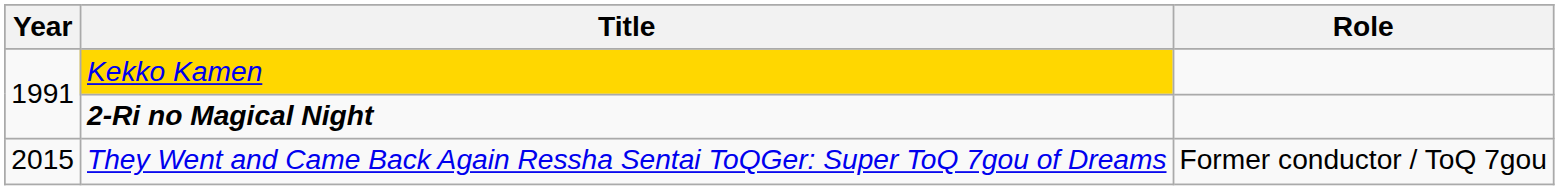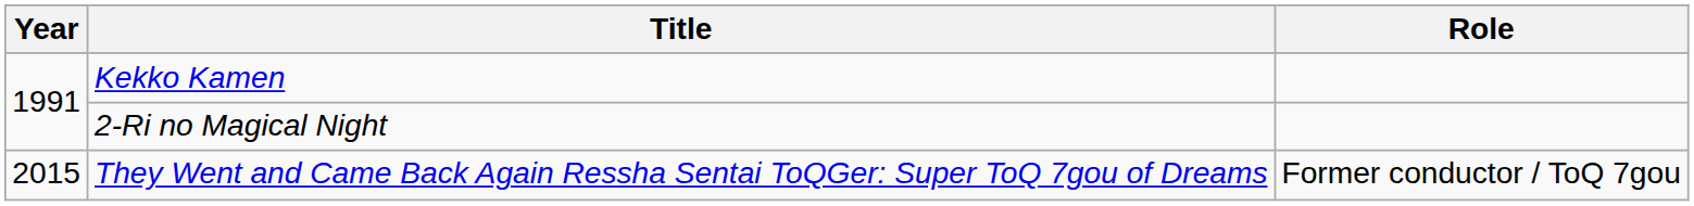 <table class="wikitable">
 <tr>
 <th>Year</th>
 <th>Title</th>
 <th>Role</th>
 </tr>
 <tr>
 <td rowspan="2">1991</td>
-<td style="background: gold;"><em><a href='#'>Kekko Kamen</a></em></td>
+<td><em><a href='#'>Kekko Kamen</a></em></td>
 <td></td>
 </tr>
 <tr>
-<td><strong><em>2-Ri no Magical Night</em></strong></td>
+<td><em>2-Ri no Magical Night</em></td>
 <td></td>
 </tr>
 <tr>
 <td>2015</td>
 <td><em><a href='#'>They Went and Came Back Again Ressha Sentai ToQGer: Super ToQ 7gou of Dreams</a></em></td>
 <td>Former conductor / ToQ 7gou</td>
 </tr>
 </table>
